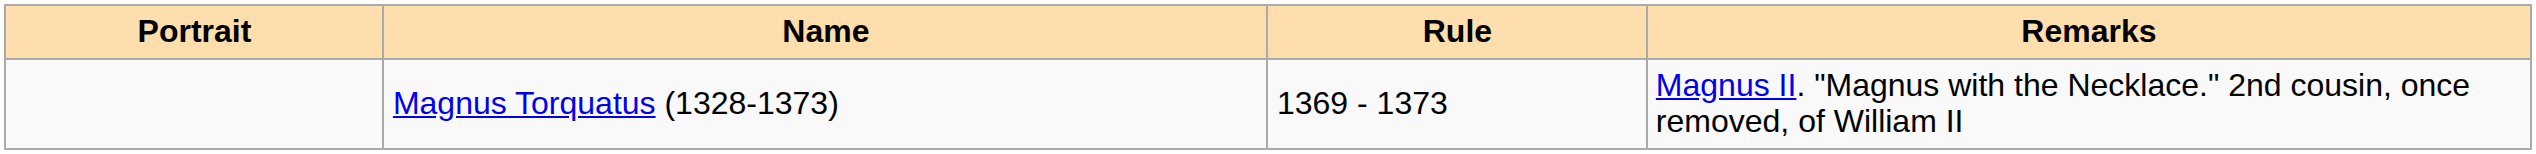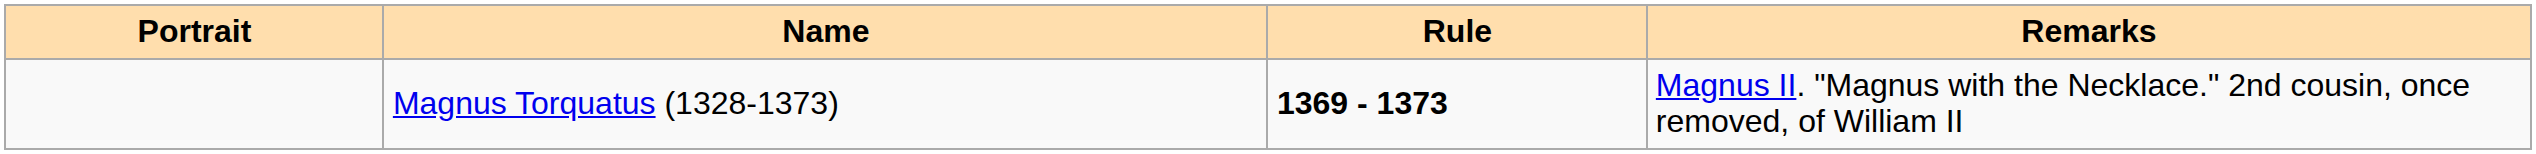 <table width = "100%" border = 1 border="1" cellpadding="4" cellspacing="0" style="margin: 0.5em 1em 0.5em 0; background: #f9f9f9; border: 1px #aaa solid; border-collapse: collapse;">
 <tr>
 <th width = "15%" bgcolor = "#FFDEAD">Portrait</th>
 <th width = "35%" bgcolor = "#FFDEAD">Name</th>
 <th width = "15%" bgcolor = "#FFDEAD">Rule</th>
 <th width = "35%" bgcolor = "#FFDEAD">Remarks</th>
 </tr>
 <tr>
 <td></td>
 <td><a href='#'>Magnus Torquatus</a> (1328-1373)</td>
-<td>1369 - 1373</td>
+<td><strong>1369 - 1373</strong></td>
 <td><a href='#'>Magnus II</a>. "Magnus with the Necklace." 2nd cousin, once removed, of William II</td>
 </tr>
 <tr>
 </tr>
 </table>
